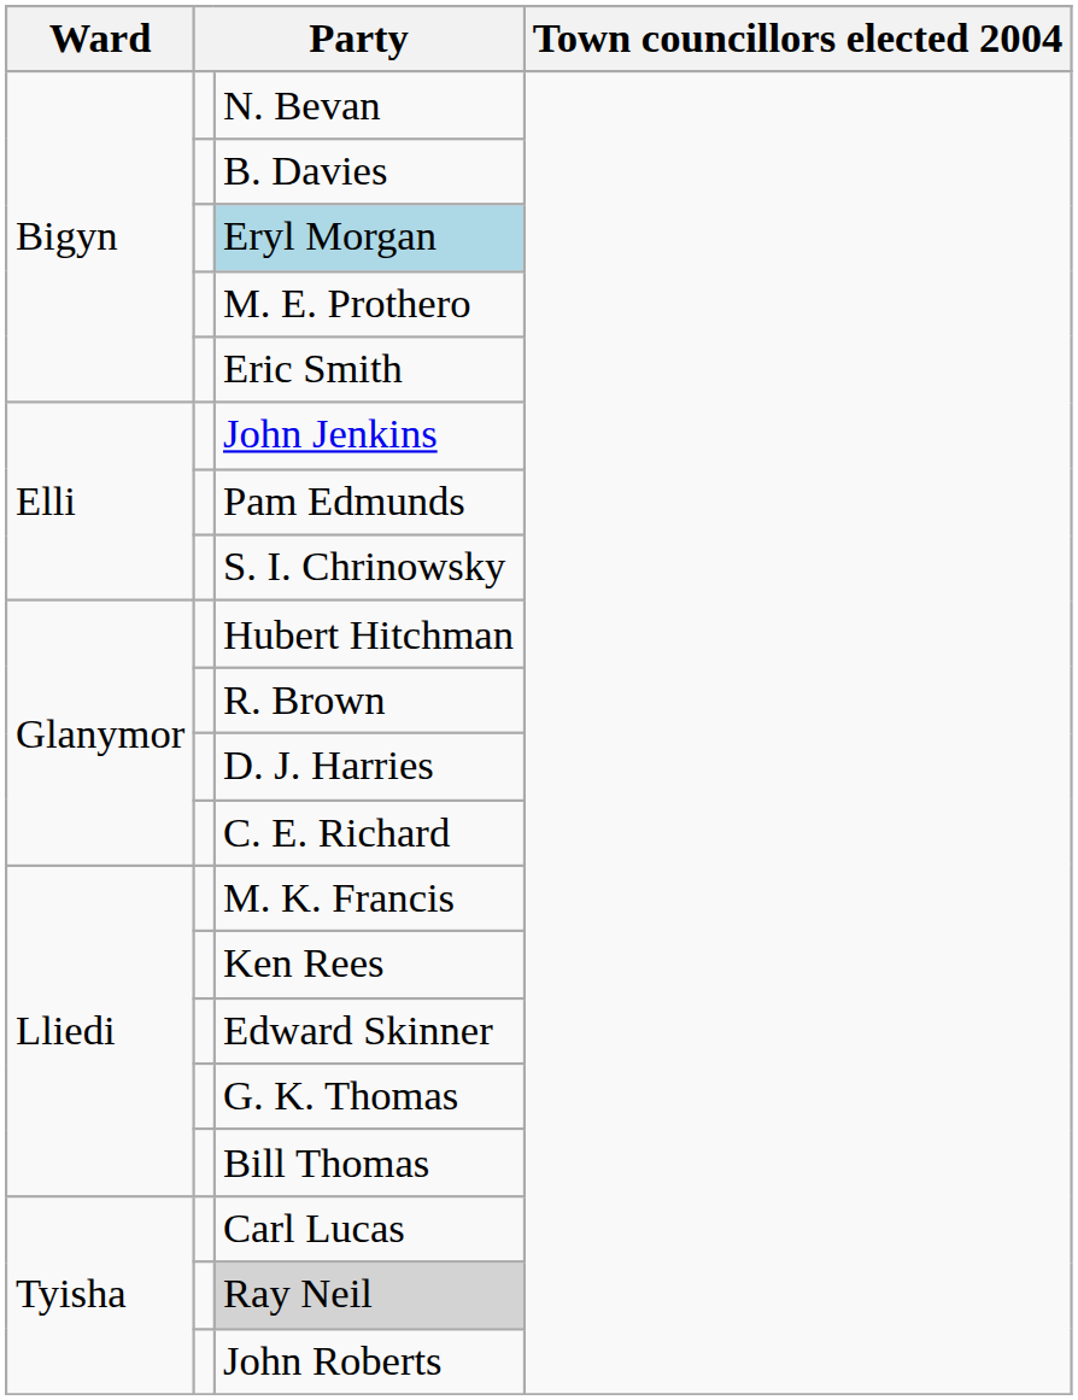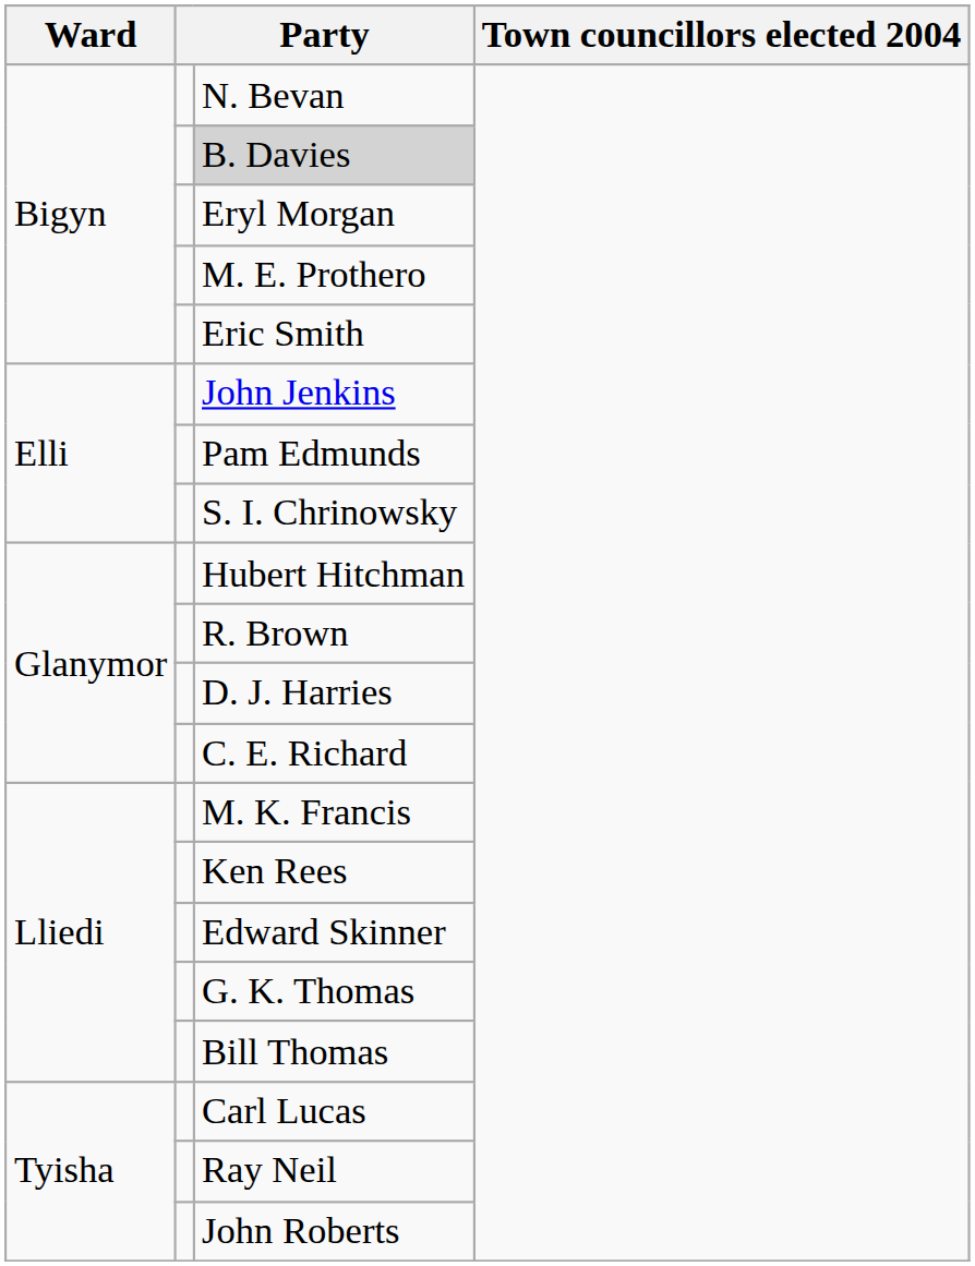 <table class="wikitable">
 <tr>
 <th>Ward</th>
 <th colspan=2>Party</th>
 <th>Town councillors elected 2004</th>
 </tr>
 <tr>
 <td rowspan="5">Bigyn</td>
 <td></td>
 <td>N. Bevan</td>
 </tr>
 <tr>
 <td></td>
-<td>B. Davies</td>
+<td style="background: lightgrey;">B. Davies</td>
 </tr>
 <tr>
 <td></td>
-<td style="background: lightblue;">Eryl Morgan</td>
+<td>Eryl Morgan</td>
 </tr>
 <tr>
 <td></td>
 <td>M. E. Prothero</td>
 </tr>
 <tr>
 <td></td>
 <td>Eric Smith</td>
 </tr>
 <tr>
 <td rowspan="3">Elli</td>
 <td></td>
 <td><a href='#'>John Jenkins</a></td>
 </tr>
 <tr>
 <td></td>
 <td>Pam Edmunds</td>
 </tr>
 <tr>
 <td></td>
 <td>S. I. Chrinowsky</td>
 </tr>
 <tr>
 <td rowspan="4">Glanymor</td>
 <td></td>
 <td>Hubert Hitchman</td>
 </tr>
 <tr>
 <td></td>
 <td>R. Brown</td>
 </tr>
 <tr>
 <td></td>
 <td>D. J. Harries</td>
 </tr>
 <tr>
 <td></td>
 <td>C. E. Richard</td>
 </tr>
 <tr>
 <td rowspan="5">Lliedi</td>
 <td></td>
 <td>M. K. Francis</td>
 </tr>
 <tr>
 <td></td>
 <td>Ken Rees</td>
 </tr>
 <tr>
 <td></td>
 <td>Edward Skinner</td>
 </tr>
 <tr>
 <td></td>
 <td>G. K. Thomas</td>
 </tr>
 <tr>
 <td></td>
 <td>Bill Thomas</td>
 </tr>
 <tr>
 <td rowspan="3">Tyisha</td>
 <td></td>
 <td>Carl Lucas</td>
 </tr>
 <tr>
 <td></td>
-<td style="background: lightgrey;">Ray Neil</td>
+<td>Ray Neil</td>
 </tr>
 <tr>
 <td></td>
 <td>John Roberts</td>
 </tr>
 </table>
